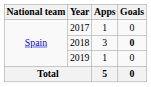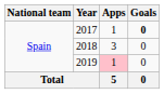 <table class="wikitable" style="text-align:center">
 <tr>
 <th>National team</th>
 <th>Year</th>
 <th>Apps</th>
 <th>Goals</th>
 </tr>
 <tr>
 <td rowspan="3"><a href='#'>Spain</a></td>
 <td>2017</td>
 <td>1</td>
-<td>0</td>
+<td><strong>0</strong></td>
 </tr>
 <tr>
 <td>2018</td>
 <td>3</td>
-<td><strong>0</strong></td>
+<td>0</td>
 </tr>
 <tr>
 <td>2019</td>
-<td>1</td>
+<td style="background: pink;">1</td>
 <td>0</td>
 </tr>
 <tr>
 <th colspan="2">Total</th>
 <th>5</th>
 <th>0</th>
 </tr>
 </table>
